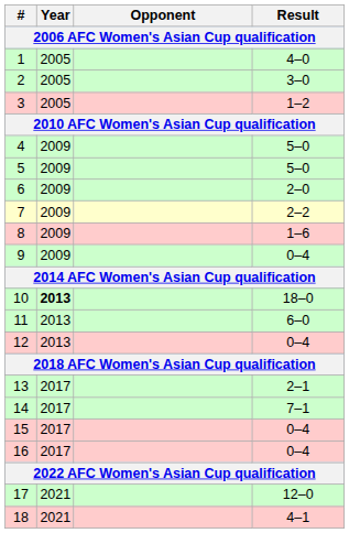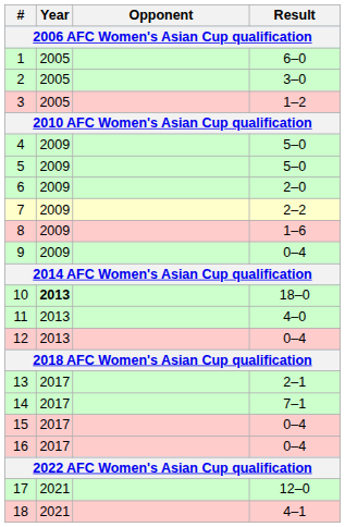 <table class="wikitable">
 <tr>
 <th width=30>#</th>
 <th width=30>Year</th>
 <th width=200>Opponent</th>
 <th width=100>Result</th>
 </tr>
 <tr style="background:#9acdff;">
 <th colspan=4><a href='#'>2006 AFC Women's Asian Cup qualification</a></th>
 </tr>
 <tr bgcolor=#CCFFCC>
 <td align=center>1</td>
 <td align=center>2005</td>
 <td></td>
-<td align=center>4–0</td>
+<td align=center>6–0</td>
 </tr>
 <tr bgcolor=#CCFFCC>
 <td align=center>2</td>
 <td align=center>2005</td>
 <td></td>
 <td align=center>3–0</td>
 </tr>
 <tr bgcolor=#FFCCCC>
 <td align=center>3</td>
 <td align=center>2005</td>
 <td></td>
 <td align=center>1–2</td>
 </tr>
 <tr style="background:#9acdff;">
 <th colspan=4><a href='#'>2010 AFC Women's Asian Cup qualification</a></th>
 </tr>
 <tr bgcolor=#CCFFCC>
 <td align=center>4</td>
 <td align=center>2009</td>
 <td></td>
 <td align=center>5–0</td>
 </tr>
 <tr bgcolor=#CCFFCC>
 <td align=center>5</td>
 <td align=center>2009</td>
 <td></td>
 <td align=center>5–0</td>
 </tr>
 <tr bgcolor=#CCFFCC>
 <td align=center>6</td>
 <td align=center>2009</td>
 <td></td>
 <td align=center>2–0</td>
 </tr>
 <tr bgcolor=#FFFFCC>
 <td align=center>7</td>
 <td align=center>2009</td>
 <td></td>
 <td align=center>2–2</td>
 </tr>
 <tr bgcolor=#FFCCCC>
 <td align=center>8</td>
 <td align=center>2009</td>
 <td></td>
 <td align=center>1–6</td>
 </tr>
 <tr bgcolor=#CCFFCC>
 <td align=center>9</td>
 <td align=center>2009</td>
 <td></td>
 <td align=center>0–4</td>
 </tr>
 <tr style="background:#9acdff;">
 <th colspan=4><a href='#'>2014 AFC Women's Asian Cup qualification</a></th>
 </tr>
 <tr bgcolor=#CCFFCC>
 <td align=center>10</td>
 <td align=center><strong>2013</strong></td>
 <td></td>
 <td align=center>18–0</td>
 </tr>
 <tr bgcolor=#CCFFCC>
 <td align=center>11</td>
 <td align=center>2013</td>
 <td></td>
-<td align=center>6–0</td>
+<td align=center>4–0</td>
 </tr>
 <tr bgcolor=#FFCCCC>
 <td align=center>12</td>
 <td align=center>2013</td>
 <td></td>
 <td align=center>0–4</td>
 </tr>
 <tr style="background:#9acdff;">
 <th colspan=4><a href='#'>2018 AFC Women's Asian Cup qualification</a></th>
 </tr>
 <tr bgcolor=#CCFFCC>
 <td align=center>13</td>
 <td align=center>2017</td>
 <td></td>
 <td align=center>2–1</td>
 </tr>
 <tr bgcolor=#CCFFCC>
 <td align=center>14</td>
 <td align=center>2017</td>
 <td></td>
 <td align=center>7–1</td>
 </tr>
 <tr bgcolor=#FFCCCC>
 <td align=center>15</td>
 <td align=center>2017</td>
 <td></td>
 <td align=center>0–4</td>
 </tr>
 <tr bgcolor=#FFCCCC>
 <td align=center>16</td>
 <td align=center>2017</td>
 <td></td>
 <td align=center>0–4</td>
 </tr>
 <tr style="background:#9acdff;">
 <th colspan=4><a href='#'>2022 AFC Women's Asian Cup qualification</a></th>
 </tr>
 <tr bgcolor=#CCFFCC>
 <td align=center>17</td>
 <td align=center>2021</td>
 <td></td>
 <td align=center>12–0</td>
 </tr>
 <tr bgcolor=#FFCCCC>
 <td align=center>18</td>
 <td align=center>2021</td>
 <td></td>
 <td align=center>4–1</td>
 </tr>
 </table>
